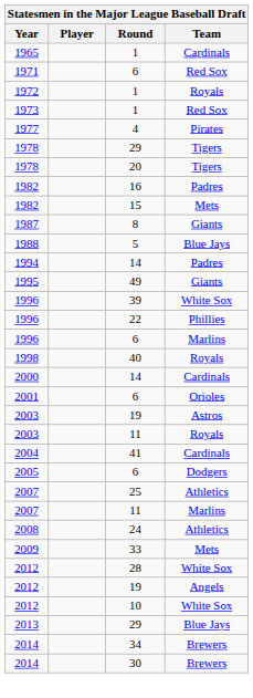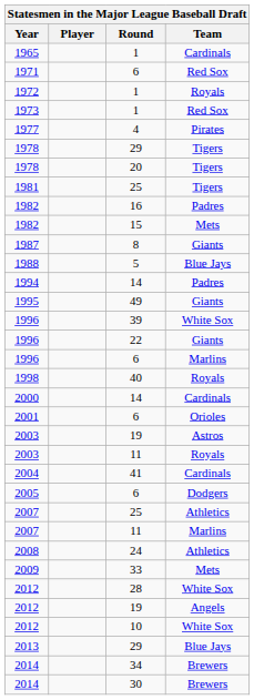 <table class="wikitable sortable collapsible collapsed" style="text-align:center">
 <tr>
 <th colspan=4>Statesmen in the Major League Baseball Draft</th>
 </tr>
 <tr>
 <th>Year</th>
 <th>Player</th>
 <th>Round</th>
 <th>Team</th>
 </tr>
 <tr>
 <td><a href='#'>1965</a></td>
 <td></td>
 <td>1</td>
 <td><a href='#'>Cardinals</a></td>
 </tr>
 <tr>
 <td><a href='#'>1971</a></td>
 <td></td>
 <td>6</td>
 <td><a href='#'>Red Sox</a></td>
 </tr>
 <tr>
 <td><a href='#'>1972</a></td>
 <td></td>
 <td>1</td>
 <td><a href='#'>Royals</a></td>
 </tr>
 <tr>
 <td><a href='#'>1973</a></td>
 <td></td>
 <td>1</td>
 <td><a href='#'>Red Sox</a></td>
 </tr>
 <tr>
 <td><a href='#'>1977</a></td>
 <td></td>
 <td>4</td>
 <td><a href='#'>Pirates</a></td>
 </tr>
 <tr>
 <td><a href='#'>1978</a></td>
 <td></td>
 <td>29</td>
 <td><a href='#'>Tigers</a></td>
 </tr>
 <tr>
 <td><a href='#'>1978</a></td>
 <td></td>
 <td>20</td>
 <td><a href='#'>Tigers</a></td>
 </tr>
 <tr>
+<td><a href='#'>1981</a></td>
+<td></td>
+<td>25</td>
+<td><a href='#'>Tigers</a></td>
+</tr>
+<tr>
 <td><a href='#'>1982</a></td>
 <td></td>
 <td>16</td>
 <td><a href='#'>Padres</a></td>
 </tr>
 <tr>
 <td><a href='#'>1982</a></td>
 <td></td>
 <td>15</td>
 <td><a href='#'>Mets</a></td>
 </tr>
 <tr>
 <td><a href='#'>1987</a></td>
 <td></td>
 <td>8</td>
 <td><a href='#'>Giants</a></td>
 </tr>
 <tr>
 <td><a href='#'>1988</a></td>
 <td></td>
 <td>5</td>
 <td><a href='#'>Blue Jays</a></td>
 </tr>
 <tr>
 <td><a href='#'>1994</a></td>
 <td></td>
 <td>14</td>
 <td><a href='#'>Padres</a></td>
 </tr>
 <tr>
 <td><a href='#'>1995</a></td>
 <td></td>
 <td>49</td>
 <td><a href='#'>Giants</a></td>
 </tr>
 <tr>
 <td><a href='#'>1996</a></td>
 <td></td>
 <td>39</td>
 <td><a href='#'>White Sox</a></td>
 </tr>
 <tr>
 <td><a href='#'>1996</a></td>
 <td></td>
 <td>22</td>
-<td><a href='#'>Phillies</a></td>
+<td><a href='#'>Giants</a></td>
 </tr>
 <tr>
 <td><a href='#'>1996</a></td>
 <td></td>
 <td>6</td>
 <td><a href='#'>Marlins</a></td>
 </tr>
 <tr>
 <td><a href='#'>1998</a></td>
 <td></td>
 <td>40</td>
 <td><a href='#'>Royals</a></td>
 </tr>
 <tr>
 <td><a href='#'>2000</a></td>
 <td></td>
 <td>14</td>
 <td><a href='#'>Cardinals</a></td>
 </tr>
 <tr>
 <td><a href='#'>2001</a></td>
 <td></td>
 <td>6</td>
 <td><a href='#'>Orioles</a></td>
 </tr>
 <tr>
 <td><a href='#'>2003</a></td>
 <td></td>
 <td>19</td>
 <td><a href='#'>Astros</a></td>
 </tr>
 <tr>
 <td><a href='#'>2003</a></td>
 <td></td>
 <td>11</td>
 <td><a href='#'>Royals</a></td>
 </tr>
 <tr>
 <td><a href='#'>2004</a></td>
 <td></td>
 <td>41</td>
 <td><a href='#'>Cardinals</a></td>
 </tr>
 <tr>
 <td><a href='#'>2005</a></td>
 <td></td>
 <td>6</td>
 <td><a href='#'>Dodgers</a></td>
 </tr>
 <tr>
 <td><a href='#'>2007</a></td>
 <td></td>
 <td>25</td>
 <td><a href='#'>Athletics</a></td>
 </tr>
 <tr>
 <td><a href='#'>2007</a></td>
 <td></td>
 <td>11</td>
 <td><a href='#'>Marlins</a></td>
 </tr>
 <tr>
 <td><a href='#'>2008</a></td>
 <td></td>
 <td>24</td>
 <td><a href='#'>Athletics</a></td>
 </tr>
 <tr>
 <td><a href='#'>2009</a></td>
 <td></td>
 <td>33</td>
 <td><a href='#'>Mets</a></td>
 </tr>
 <tr>
 <td><a href='#'>2012</a></td>
 <td></td>
 <td>28</td>
 <td><a href='#'>White Sox</a></td>
 </tr>
 <tr>
 <td><a href='#'>2012</a></td>
 <td></td>
 <td>19</td>
 <td><a href='#'>Angels</a></td>
 </tr>
 <tr>
 <td><a href='#'>2012</a></td>
 <td></td>
 <td>10</td>
 <td><a href='#'>White Sox</a></td>
 </tr>
 <tr>
 <td><a href='#'>2013</a></td>
 <td></td>
 <td>29</td>
 <td><a href='#'>Blue Jays</a></td>
 </tr>
 <tr>
 <td><a href='#'>2014</a></td>
 <td></td>
 <td>34</td>
 <td><a href='#'>Brewers</a></td>
 </tr>
 <tr>
 <td><a href='#'>2014</a></td>
 <td></td>
 <td>30</td>
 <td><a href='#'>Brewers</a></td>
 </tr>
 </table>
